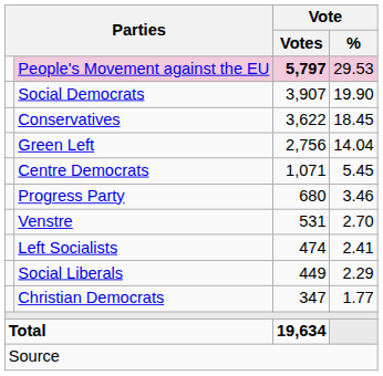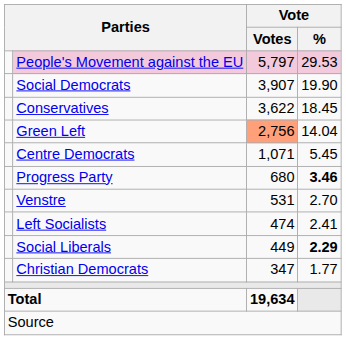 <table class="wikitable" style="text-align:right;">
 <tr>
 <th style="text-align:centre;" rowspan="2" colspan="2" width="225">Parties</th>
 <th colspan="3">Vote</th>
 </tr>
 <tr>
 <th width="15">Votes</th>
 <th width="15">%</th>
 </tr>
 <tr>
 <td width="2" style="color:inherit;background:"></td>
 <td bgcolor=#f3c9dc   align="left"><a href='#'>People's Movement against the EU</a></td>
-<td bgcolor=#f3c9dc><strong>5,797</strong></td>
+<td bgcolor=#f3c9dc>5,797</td>
 <td bgcolor=#f3c9dc>29.53</td>
 </tr>
 <tr>
 <td width="2" style="color:inherit;background:"></td>
 <td align="left"><a href='#'>Social Democrats</a></td>
 <td>3,907</td>
 <td>19.90</td>
 </tr>
 <tr>
 <td width="2" style="color:inherit;background:"></td>
 <td align="left"><a href='#'>Conservatives</a></td>
 <td>3,622</td>
 <td>18.45</td>
 </tr>
 <tr>
 <td width="2" style="color:inherit;background:"></td>
 <td align="left"><a href='#'>Green Left</a></td>
-<td>2,756</td>
+<td style="background: lightsalmon;">2,756</td>
 <td>14.04</td>
 </tr>
 <tr>
 <td width="2" style="color:inherit;background:"></td>
 <td align="left"><a href='#'>Centre Democrats</a></td>
 <td>1,071</td>
 <td>5.45</td>
 </tr>
 <tr>
 <td width="2" style="color:inherit;background:"></td>
 <td align="left"><a href='#'>Progress Party</a></td>
 <td>680</td>
-<td>3.46</td>
+<td><strong>3.46</strong></td>
 </tr>
 <tr>
 <td width="2" style="color:inherit;background:"></td>
 <td align="left"><a href='#'>Venstre</a></td>
 <td>531</td>
 <td>2.70</td>
 </tr>
 <tr>
 <td width="2" style="color:inherit;background:"></td>
 <td align="left"><a href='#'>Left Socialists</a></td>
 <td>474</td>
 <td>2.41</td>
 </tr>
 <tr>
 <td width="2" style="color:inherit;background:"></td>
 <td align="left"><a href='#'>Social Liberals</a></td>
 <td>449</td>
-<td>2.29</td>
+<td><strong>2.29</strong></td>
 </tr>
 <tr>
 <td width="2" style="color:inherit;background:"></td>
 <td align="left"><a href='#'>Christian Democrats</a></td>
 <td>347</td>
 <td>1.77</td>
 </tr>
 <tr>
 <td colspan="7" bgcolor="#E9E9E9"></td>
 </tr>
 <tr>
 <td align="left" colspan="2"><strong>Total</strong></td>
 <td><strong>19,634</strong></td>
 <td bgcolor="#E9E9E9" colspan="2"></td>
 </tr>
 <tr>
 <td align="left" colspan="6">Source</td>
 </tr>
 </table>
